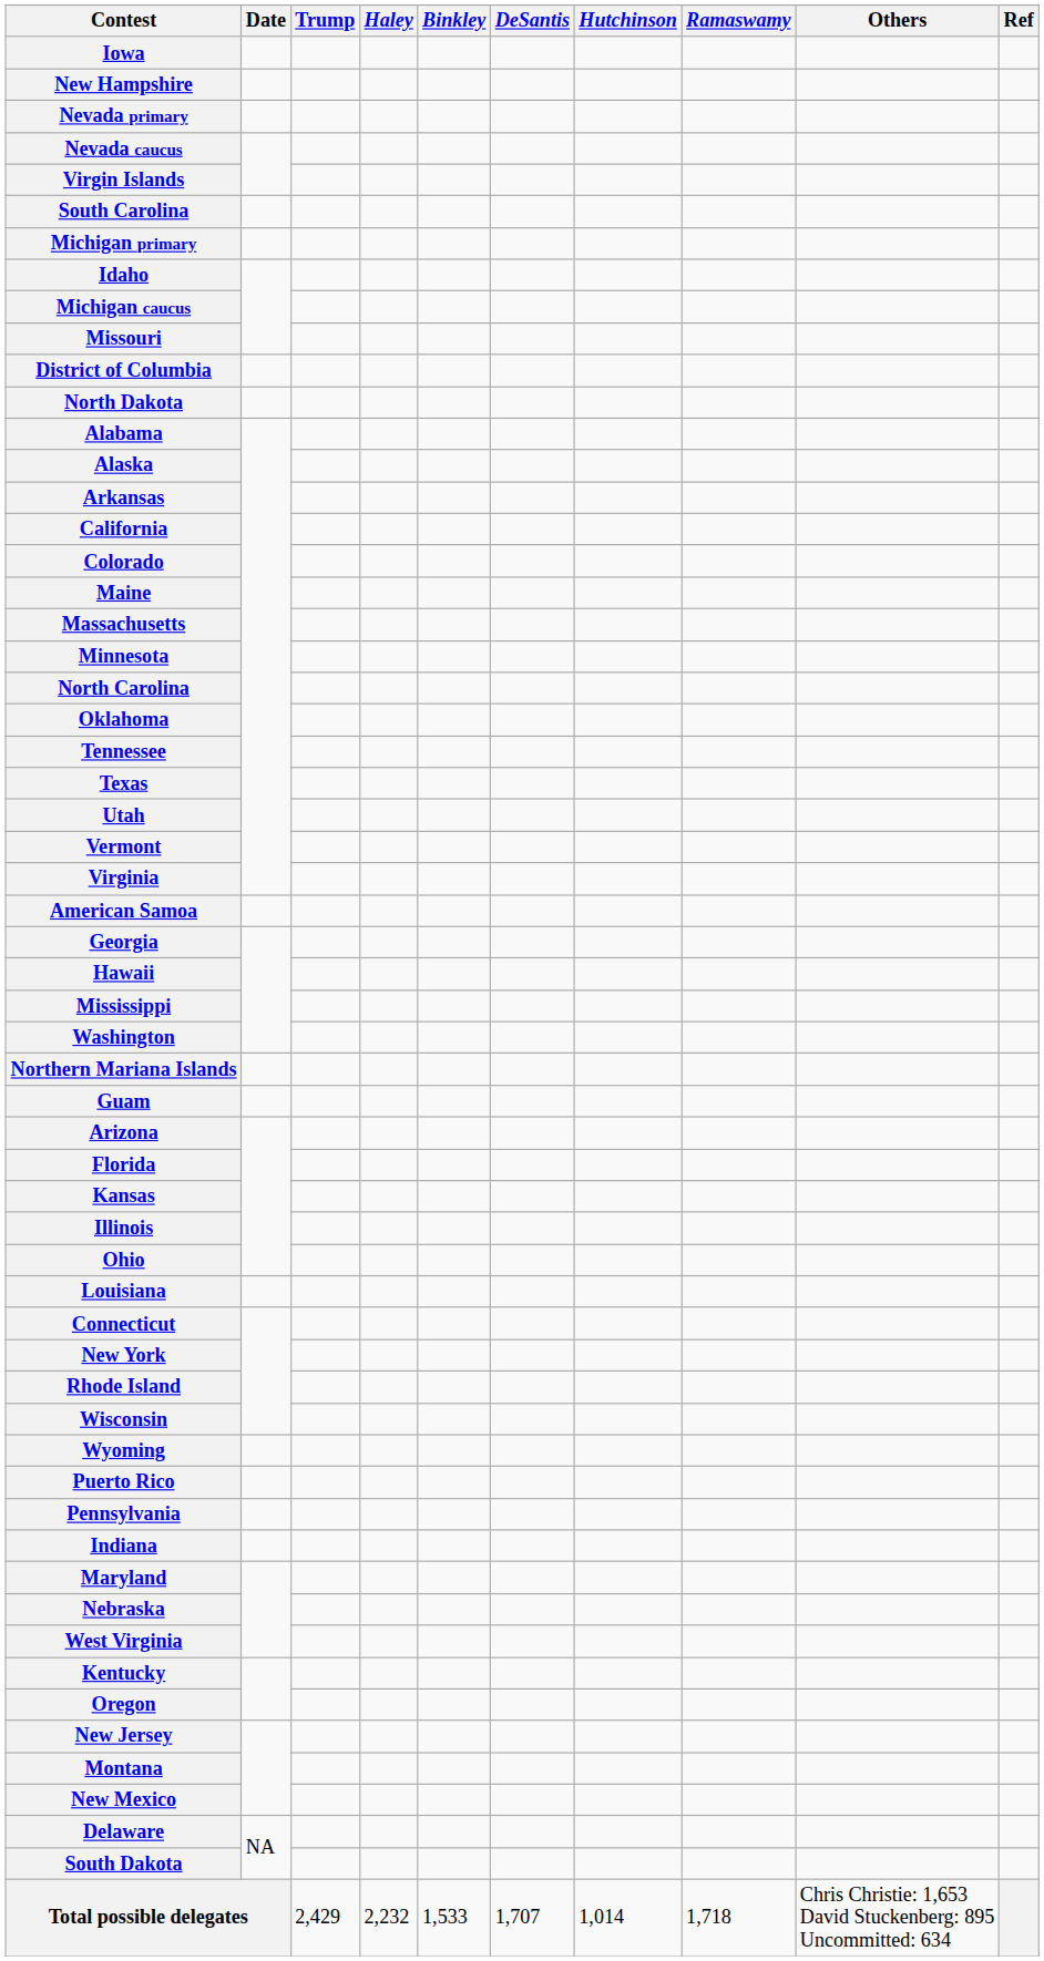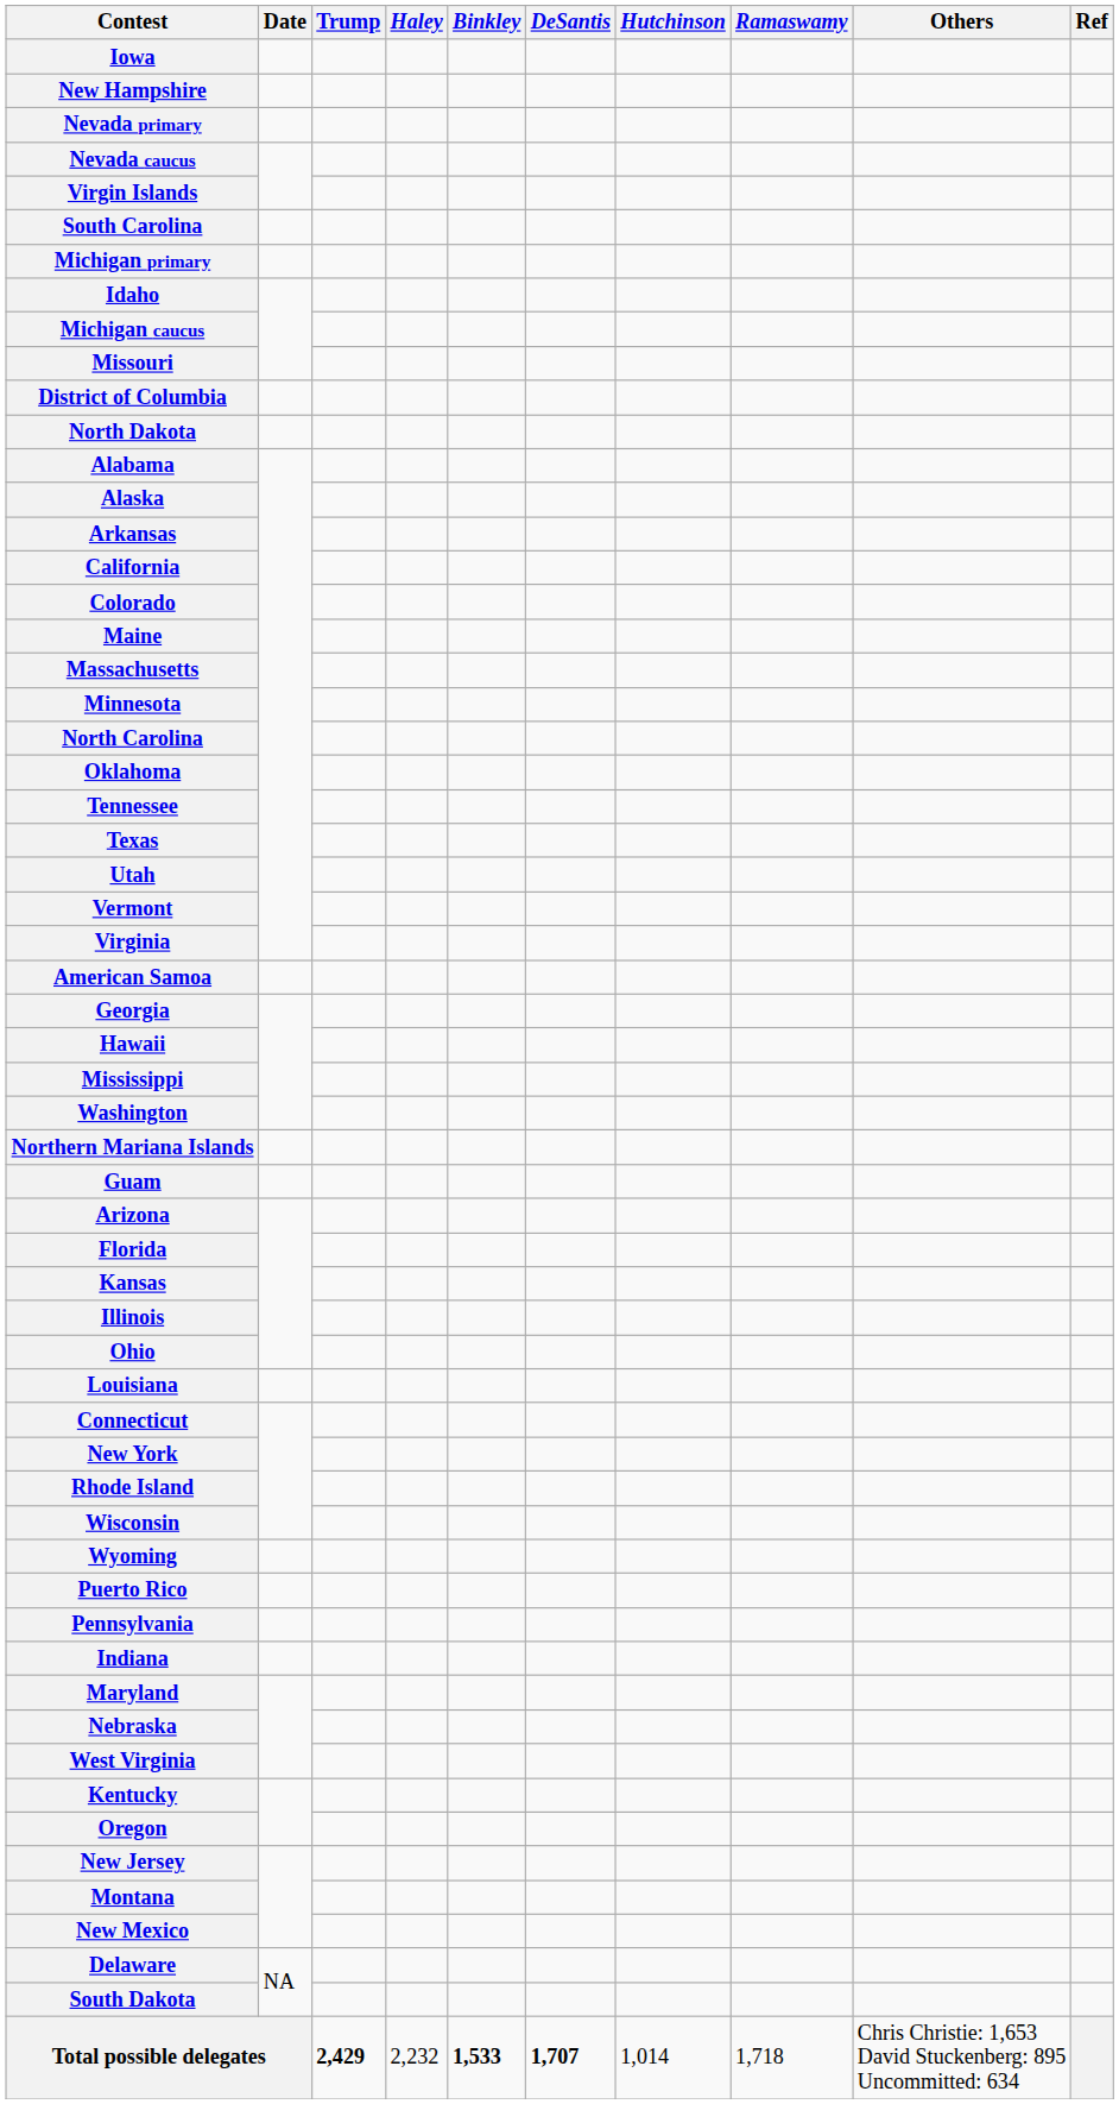 <table class="wikitable sortable sticky-header sort-under" style=margin:auto;margin:auto>
 <tr valign=bottom>
 <th>Contest</th>
 <th>Date</th>
 <th><a href='#'>Trump</a></th>
 <th><em><a href='#'>Haley</a></em></th>
 <th><em><a href='#'>Binkley</a></em></th>
 <th><em><a href='#'>DeSantis</a></em></th>
 <th><em><a href='#'>Hutchinson</a></em></th>
 <th><em><a href='#'>Ramaswamy</a></em></th>
 <th>Others</th>
 <th>Ref</th>
 </tr>
 <tr>
 <th><a href='#'>Iowa</a></th>
 <td></td>
 <td></td>
 <td></td>
 <td></td>
 <td></td>
 <td></td>
 <td></td>
 <td></td>
 <td></td>
 </tr>
 <tr>
 <th><a href='#'>New Hampshire</a></th>
 <td></td>
 <td></td>
 <td></td>
 <td></td>
 <td></td>
 <td></td>
 <td></td>
 <td></td>
 <td></td>
 </tr>
 <tr>
 <th><a href='#'>Nevada <small>primary</small></a></th>
 <td></td>
 <td></td>
 <td></td>
 <td></td>
 <td></td>
 <td></td>
 <td></td>
 <td></td>
 <td></td>
 </tr>
 <tr>
 <th><a href='#'>Nevada <small>caucus</small></a></th>
 <td rowspan="2"></td>
 <td></td>
 <td></td>
 <td></td>
 <td></td>
 <td></td>
 <td></td>
 <td></td>
 <td></td>
 </tr>
 <tr>
 <th><a href='#'>Virgin Islands</a></th>
 <td></td>
 <td></td>
 <td></td>
 <td></td>
 <td></td>
 <td></td>
 <td></td>
 <td></td>
 </tr>
 <tr>
 <th><a href='#'>South Carolina</a></th>
 <td></td>
 <td></td>
 <td></td>
 <td></td>
 <td></td>
 <td></td>
 <td></td>
 <td></td>
 <td></td>
 </tr>
 <tr>
 <th><a href='#'>Michigan <small>primary</small></a></th>
 <td></td>
 <td></td>
 <td></td>
 <td></td>
 <td></td>
 <td></td>
 <td></td>
 <td></td>
 <td></td>
 </tr>
 <tr>
 <th><a href='#'>Idaho</a></th>
 <td rowspan="3"></td>
 <td></td>
 <td></td>
 <td></td>
 <td></td>
 <td></td>
 <td></td>
 <td></td>
 <td></td>
 </tr>
 <tr>
 <th><a href='#'>Michigan <small>caucus</small></a></th>
 <td></td>
 <td></td>
 <td></td>
 <td></td>
 <td></td>
 <td></td>
 <td></td>
 <td></td>
 </tr>
 <tr>
 <th><a href='#'>Missouri</a></th>
 <td></td>
 <td></td>
 <td></td>
 <td></td>
 <td></td>
 <td></td>
 <td></td>
 <td></td>
 </tr>
 <tr>
 <th><a href='#'>District of Columbia</a></th>
 <td></td>
 <td></td>
 <td></td>
 <td></td>
 <td></td>
 <td></td>
 <td></td>
 <td></td>
 <td></td>
 </tr>
 <tr>
 <th><a href='#'>North Dakota</a></th>
 <td></td>
 <td></td>
 <td></td>
 <td></td>
 <td></td>
 <td></td>
 <td></td>
 <td></td>
 <td></td>
 </tr>
 <tr>
 <th><a href='#'>Alabama</a></th>
 <td rowspan="15"></td>
 <td></td>
 <td></td>
 <td></td>
 <td></td>
 <td></td>
 <td></td>
 <td></td>
 <td></td>
 </tr>
 <tr>
 <th><a href='#'>Alaska</a></th>
 <td></td>
 <td></td>
 <td></td>
 <td></td>
 <td></td>
 <td></td>
 <td></td>
 <td></td>
 </tr>
 <tr>
 <th><a href='#'>Arkansas</a></th>
 <td></td>
 <td></td>
 <td></td>
 <td></td>
 <td></td>
 <td></td>
 <td></td>
 <td></td>
 </tr>
 <tr>
 <th><a href='#'>California</a></th>
 <td></td>
 <td></td>
 <td></td>
 <td></td>
 <td></td>
 <td></td>
 <td></td>
 <td></td>
 </tr>
 <tr>
 <th><a href='#'>Colorado</a></th>
 <td></td>
 <td></td>
 <td></td>
 <td></td>
 <td></td>
 <td></td>
 <td></td>
 <td></td>
 </tr>
 <tr>
 <th><a href='#'>Maine</a></th>
 <td></td>
 <td></td>
 <td></td>
 <td></td>
 <td></td>
 <td></td>
 <td></td>
 <td></td>
 </tr>
 <tr>
 <th><a href='#'>Massachusetts</a></th>
 <td></td>
 <td></td>
 <td></td>
 <td></td>
 <td></td>
 <td></td>
 <td></td>
 <td></td>
 </tr>
 <tr>
 <th><a href='#'>Minnesota</a></th>
 <td></td>
 <td></td>
 <td></td>
 <td></td>
 <td></td>
 <td></td>
 <td></td>
 <td></td>
 </tr>
 <tr>
 <th><a href='#'>North Carolina</a></th>
 <td></td>
 <td></td>
 <td></td>
 <td></td>
 <td></td>
 <td></td>
 <td></td>
 <td></td>
 </tr>
 <tr>
 <th><a href='#'>Oklahoma</a></th>
 <td></td>
 <td></td>
 <td></td>
 <td></td>
 <td></td>
 <td></td>
 <td></td>
 <td></td>
 </tr>
 <tr>
 <th><a href='#'>Tennessee</a></th>
 <td></td>
 <td></td>
 <td></td>
 <td></td>
 <td></td>
 <td></td>
 <td></td>
 <td></td>
 </tr>
 <tr>
 <th><a href='#'>Texas</a></th>
 <td></td>
 <td></td>
 <td></td>
 <td></td>
 <td></td>
 <td></td>
 <td></td>
 <td></td>
 </tr>
 <tr>
 <th><a href='#'>Utah</a></th>
 <td></td>
 <td></td>
 <td></td>
 <td></td>
 <td></td>
 <td></td>
 <td></td>
 <td></td>
 </tr>
 <tr>
 <th><a href='#'>Vermont</a></th>
 <td></td>
 <td></td>
 <td></td>
 <td></td>
 <td></td>
 <td></td>
 <td></td>
 <td></td>
 </tr>
 <tr>
 <th><a href='#'>Virginia</a></th>
 <td></td>
 <td></td>
 <td></td>
 <td></td>
 <td></td>
 <td></td>
 <td></td>
 <td></td>
 </tr>
 <tr>
 <th><a href='#'>American Samoa</a></th>
 <td></td>
 <td></td>
 <td></td>
 <td></td>
 <td></td>
 <td></td>
 <td></td>
 <td></td>
 <td></td>
 </tr>
 <tr>
 <th><a href='#'>Georgia</a></th>
 <td rowspan="4"></td>
 <td></td>
 <td></td>
 <td></td>
 <td></td>
 <td></td>
 <td></td>
 <td></td>
 <td></td>
 </tr>
 <tr>
 <th><a href='#'>Hawaii</a></th>
 <td></td>
 <td></td>
 <td></td>
 <td></td>
 <td></td>
 <td></td>
 <td></td>
 <td></td>
 </tr>
 <tr>
 <th><a href='#'>Mississippi</a></th>
 <td></td>
 <td></td>
 <td></td>
 <td></td>
 <td></td>
 <td></td>
 <td></td>
 <td></td>
 </tr>
 <tr>
 <th><a href='#'>Washington</a></th>
 <td></td>
 <td></td>
 <td></td>
 <td></td>
 <td></td>
 <td></td>
 <td></td>
 <td></td>
 </tr>
 <tr>
 <th><a href='#'>Northern Mariana Islands</a></th>
 <td></td>
 <td></td>
 <td></td>
 <td></td>
 <td></td>
 <td></td>
 <td></td>
 <td></td>
 <td></td>
 </tr>
 <tr>
 <th><a href='#'>Guam</a></th>
 <td></td>
 <td></td>
 <td></td>
 <td></td>
 <td></td>
 <td></td>
 <td></td>
 <td></td>
 <td></td>
 </tr>
 <tr>
 <th><a href='#'>Arizona</a></th>
 <td rowspan="5"></td>
 <td></td>
 <td></td>
 <td></td>
 <td></td>
 <td></td>
 <td></td>
 <td></td>
 <td></td>
 </tr>
 <tr>
 <th><a href='#'>Florida</a></th>
 <td></td>
 <td></td>
 <td></td>
 <td></td>
 <td></td>
 <td></td>
 <td></td>
 <td></td>
 </tr>
 <tr>
 <th><a href='#'>Kansas</a></th>
 <td></td>
 <td></td>
 <td></td>
 <td></td>
 <td></td>
 <td></td>
 <td></td>
 <td></td>
 </tr>
 <tr>
 <th><a href='#'>Illinois</a></th>
 <td></td>
 <td></td>
 <td></td>
 <td></td>
 <td></td>
 <td></td>
 <td></td>
 <td></td>
 </tr>
 <tr>
 <th><a href='#'>Ohio</a></th>
 <td></td>
 <td></td>
 <td></td>
 <td></td>
 <td></td>
 <td></td>
 <td></td>
 <td></td>
 </tr>
 <tr>
 <th><a href='#'>Louisiana</a></th>
 <td></td>
 <td></td>
 <td></td>
 <td></td>
 <td></td>
 <td></td>
 <td></td>
 <td></td>
 <td></td>
 </tr>
 <tr>
 <th><a href='#'>Connecticut</a></th>
 <td rowspan="4"></td>
 <td></td>
 <td></td>
 <td></td>
 <td></td>
 <td></td>
 <td></td>
 <td></td>
 <td></td>
 </tr>
 <tr>
 <th><a href='#'>New York</a></th>
 <td></td>
 <td></td>
 <td></td>
 <td></td>
 <td></td>
 <td></td>
 <td></td>
 <td></td>
 </tr>
 <tr>
 <th><a href='#'>Rhode Island</a></th>
 <td></td>
 <td></td>
 <td></td>
 <td></td>
 <td></td>
 <td></td>
 <td></td>
 <td></td>
 </tr>
 <tr>
 <th><a href='#'>Wisconsin</a></th>
 <td></td>
 <td></td>
 <td></td>
 <td></td>
 <td></td>
 <td></td>
 <td></td>
 <td></td>
 </tr>
 <tr>
 <th><a href='#'>Wyoming</a></th>
 <td></td>
 <td></td>
 <td></td>
 <td></td>
 <td></td>
 <td></td>
 <td></td>
 <td></td>
 <td></td>
 </tr>
 <tr>
 <th><a href='#'>Puerto Rico</a></th>
 <td></td>
 <td></td>
 <td></td>
 <td></td>
 <td></td>
 <td></td>
 <td></td>
 <td></td>
 <td></td>
 </tr>
 <tr>
 <th><a href='#'>Pennsylvania</a></th>
 <td></td>
 <td></td>
 <td></td>
 <td></td>
 <td></td>
 <td></td>
 <td></td>
 <td></td>
 <td></td>
 </tr>
 <tr>
 <th><a href='#'>Indiana</a></th>
 <td></td>
 <td></td>
 <td></td>
 <td></td>
 <td></td>
 <td></td>
 <td></td>
 <td></td>
 <td></td>
 </tr>
 <tr>
 <th><a href='#'>Maryland</a></th>
 <td rowspan="3"></td>
 <td></td>
 <td></td>
 <td></td>
 <td></td>
 <td></td>
 <td></td>
 <td></td>
 <td></td>
 </tr>
 <tr>
 <th><a href='#'>Nebraska</a></th>
 <td></td>
 <td></td>
 <td></td>
 <td></td>
 <td></td>
 <td></td>
 <td></td>
 <td></td>
 </tr>
 <tr>
 <th><a href='#'>West Virginia</a></th>
 <td></td>
 <td></td>
 <td></td>
 <td></td>
 <td></td>
 <td></td>
 <td></td>
 <td></td>
 </tr>
 <tr>
 <th><a href='#'>Kentucky</a></th>
 <td rowspan="2"></td>
 <td></td>
 <td></td>
 <td></td>
 <td></td>
 <td></td>
 <td></td>
 <td></td>
 <td></td>
 </tr>
 <tr>
 <th><a href='#'>Oregon</a></th>
 <td></td>
 <td></td>
 <td></td>
 <td></td>
 <td></td>
 <td></td>
 <td></td>
 <td></td>
 </tr>
 <tr>
 <th><a href='#'>New Jersey</a></th>
 <td rowspan="3"></td>
 <td></td>
 <td></td>
 <td></td>
 <td></td>
 <td></td>
 <td></td>
 <td></td>
 <td></td>
 </tr>
 <tr>
 <th><a href='#'>Montana</a></th>
 <td></td>
 <td></td>
 <td></td>
 <td></td>
 <td></td>
 <td></td>
 <td></td>
 <td></td>
 </tr>
 <tr>
 <th><a href='#'>New Mexico</a></th>
 <td></td>
 <td></td>
 <td></td>
 <td></td>
 <td></td>
 <td></td>
 <td></td>
 <td></td>
 </tr>
 <tr>
 <th><a href='#'>Delaware</a></th>
 <td rowspan="2">NA</td>
 <td></td>
 <td></td>
 <td></td>
 <td></td>
 <td></td>
 <td></td>
 <td></td>
 <td></td>
 </tr>
 <tr>
 <th><a href='#'>South Dakota</a></th>
 <td></td>
 <td></td>
 <td></td>
 <td></td>
 <td></td>
 <td></td>
 <td></td>
 <td></td>
 </tr>
 <tr>
 <th colspan="2">Total possible delegates</th>
-<td>2,429</td>
+<td><strong>2,429</strong></td>
 <td>2,232</td>
-<td>1,533</td>
-<td>1,707</td>
+<td><strong>1,533</strong></td>
+<td><strong>1,707</strong></td>
 <td>1,014</td>
 <td>1,718</td>
 <td>Chris Christie: 1,653<br>David Stuckenberg: 895<br>Uncommitted: 634</td>
 <th colspan="2"></th>
 </tr>
 <tr>
 </tr>
 </table>
